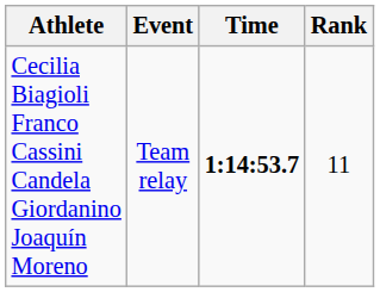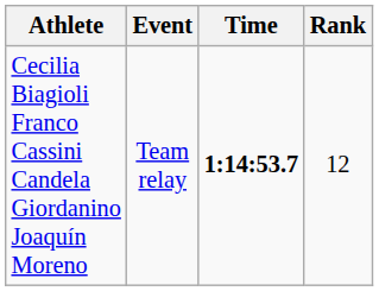 <table class="wikitable" style="text-align:center; font-size:90%; width:30%;">
 <tr>
 <th>Athlete</th>
 <th>Event</th>
 <th>Time</th>
 <th>Rank</th>
 </tr>
 <tr>
 <td align=left><a href='#'>Cecilia Biagioli</a> <br> <a href='#'>Franco Cassini</a><br><a href='#'>Candela Giordanino</a> <br> <a href='#'>Joaquín Moreno</a></td>
 <td><a href='#'>Team relay</a></td>
 <td><strong>1:14:53.7</strong></td>
-<td>11</td>
+<td>12</td>
 </tr>
 </table>
